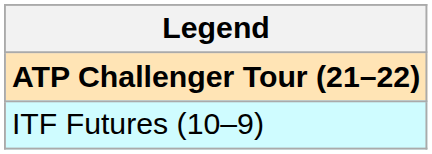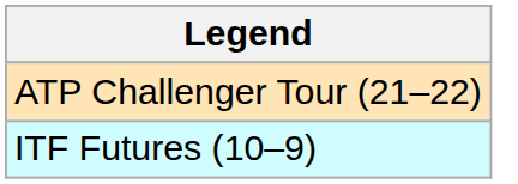 <table class=wikitable>
 <tr>
 <th>Legend</th>
 </tr>
 <tr bgcolor=moccasin>
-<td><strong>ATP Challenger Tour (21–22)</strong></td>
+<td>ATP Challenger Tour (21–22)</td>
 </tr>
 <tr bgcolor=CFFCFF>
 <td>ITF Futures (10–9)</td>
 </tr>
 </table>
